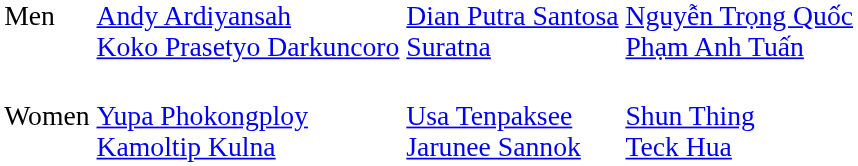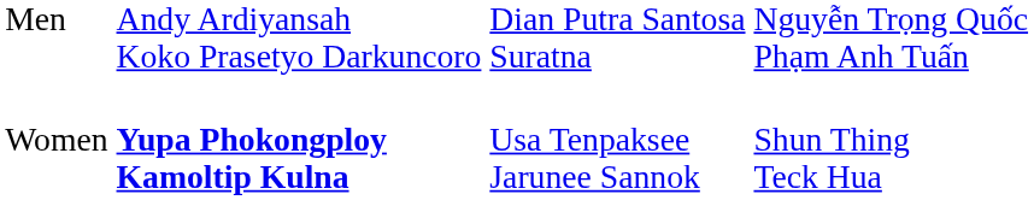 <table>
 <tr>
 <td>Men</td>
 <td><br><a href='#'>Andy Ardiyansah</a><br><a href='#'>Koko Prasetyo Darkuncoro</a></td>
 <td><br><a href='#'>Dian Putra Santosa</a><br><a href='#'>Suratna</a></td>
 <td><br><a href='#'>Nguyễn Trọng Quốc</a><br><a href='#'>Phạm Anh Tuấn</a></td>
 </tr>
 <tr>
 <td>Women</td>
-<td><br><a href='#'>Yupa Phokongploy</a><br><a href='#'>Kamoltip Kulna</a></td>
+<td><strong><br><a href='#'>Yupa Phokongploy</a><br><a href='#'>Kamoltip Kulna</a></strong></td>
 <td><br><a href='#'>Usa Tenpaksee</a><br><a href='#'>Jarunee Sannok</a></td>
 <td><br><a href='#'>Shun Thing</a><br><a href='#'>Teck Hua</a></td>
 </tr>
 </table>
